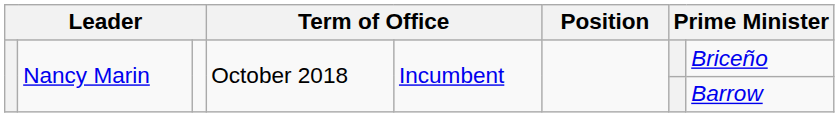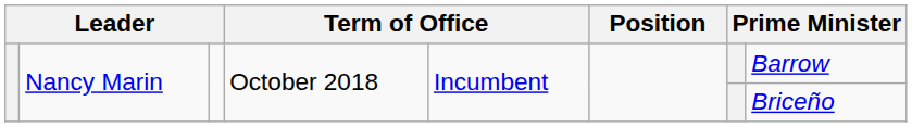 <table class="wikitable">
 <tr>
 <th colspan="3">Leader</th>
 <th colspan="2">Term of Office</th>
 <th>Position</th>
 <th colspan="2" width="20%">Prime Minister</th>
 </tr>
 <tr>
 <th rowspan="2" style="background-color: "></th>
 <td rowspan="2"><a href='#'>Nancy Marin</a></td>
 <td rowspan="2"></td>
 <td rowspan="2">October 2018</td>
 <td rowspan="2"><a href='#'>Incumbent</a></td>
 <td rowspan="2"></td>
 <th style="background-color: "></th>
-<td><a href='#'><em>Briceño</em></a></td>
+<td><em><a href='#'>Barrow</a></em></td>
 </tr>
 <tr>
 <th style="background-color: "></th>
-<td><em><a href='#'>Barrow</a></em></td>
+<td><a href='#'><em>Briceño</em></a></td>
 </tr>
 </table>
